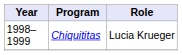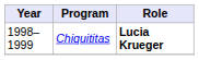 <table border="0" style="background:#ffffff" align="top" class="sortable wikitable">
 <tr>
 <th width="60 px" style="background:Lavender; color:Black">Year</th>
 <th width="80 px" style="background:Lavender; color:Black">Program</th>
 <th width="100 px" style="background:Lavender; color:Black">Role</th>
 </tr>
 <tr>
 <td>1998–1999</td>
 <td><em><a href='#'>Chiquititas</a></em></td>
-<td>Lucia Krueger</td>
+<td><strong>Lucia Krueger</strong></td>
 </tr>
 <tr>
 </tr>
 </table>
